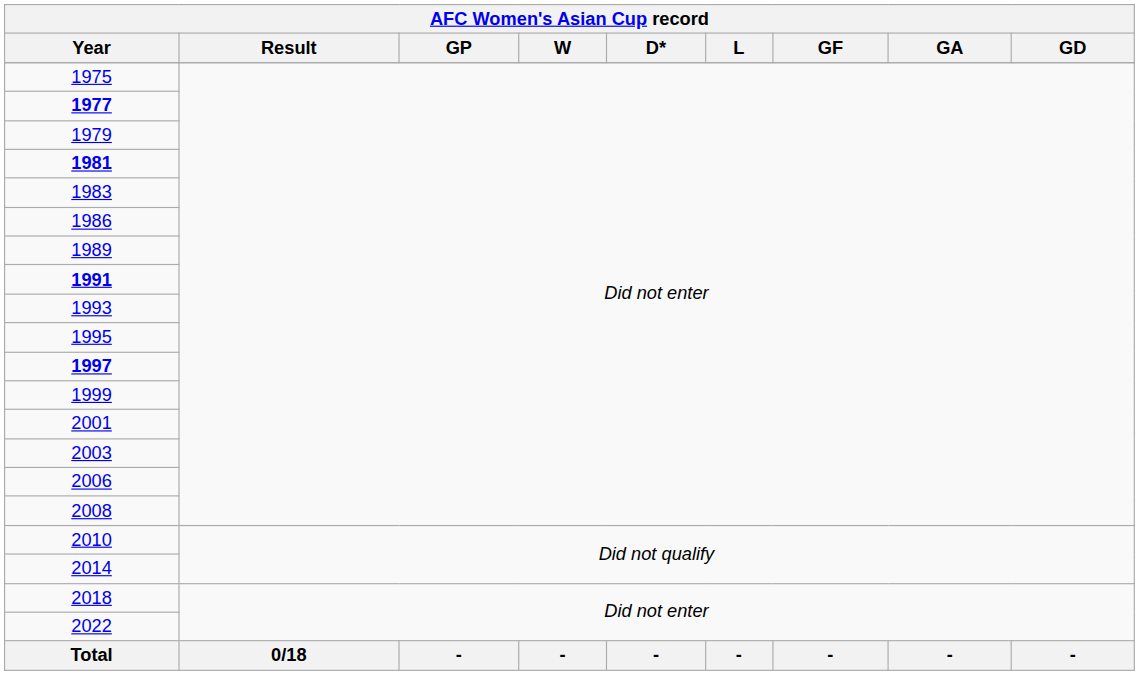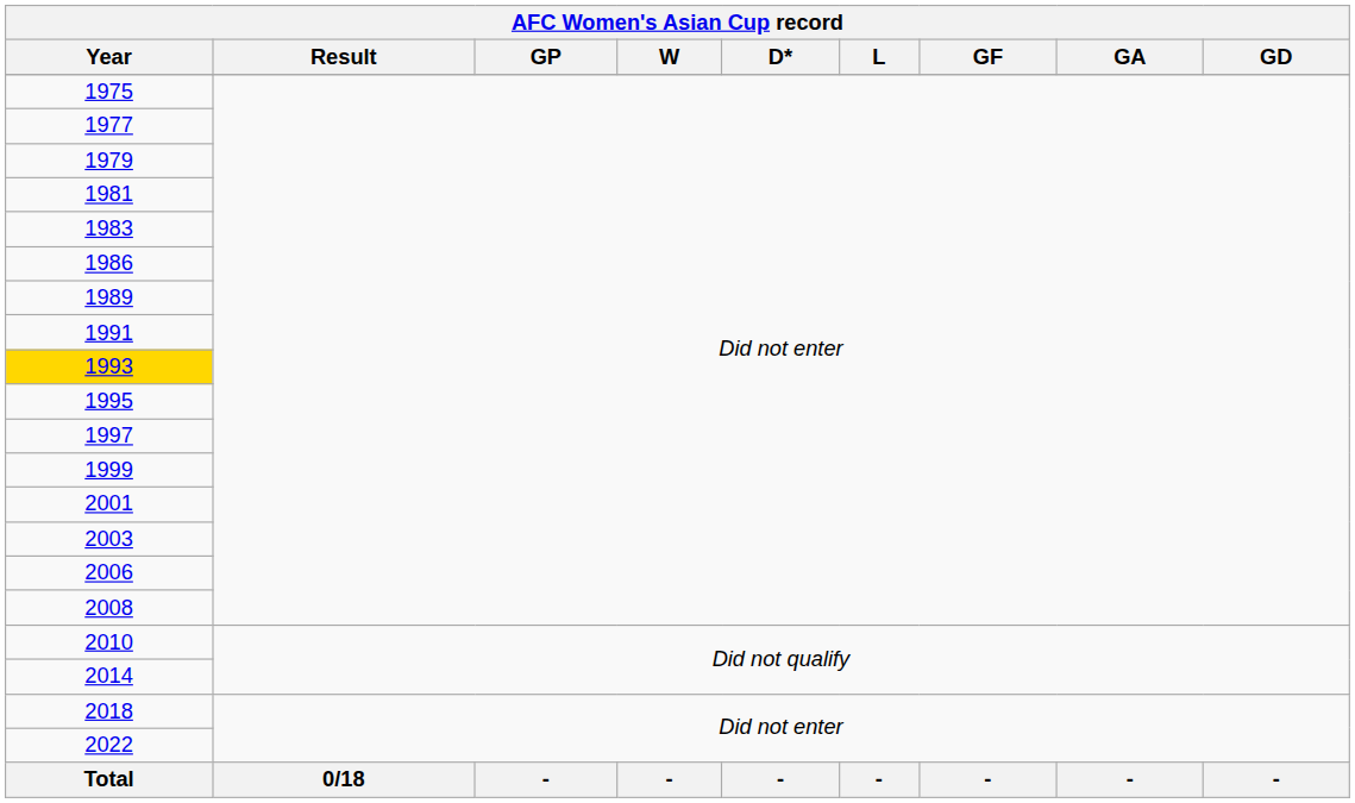 <table class="wikitable" style="text-align: center; width:50%;">
 <tr>
 <th colspan=10><a href='#'>AFC Women's Asian Cup</a> record</th>
 </tr>
 <tr>
 <th>Year</th>
 <th>Result</th>
 <th>GP</th>
 <th>W</th>
 <th>D*</th>
 <th>L</th>
 <th>GF</th>
 <th>GA</th>
 <th>GD</th>
 </tr>
 <tr>
 </tr>
 <tr>
 <td> <a href='#'>1975</a></td>
 <td colspan=8 rowspan=16><em>Did not enter</em></td>
 </tr>
 <tr>
-<td><strong> <a href='#'>1977</a></strong></td>
+<td> <a href='#'>1977</a></td>
 </tr>
 <tr>
 <td> <a href='#'>1979</a></td>
 </tr>
 <tr>
-<td><strong> <a href='#'>1981</a></strong></td>
+<td> <a href='#'>1981</a></td>
 </tr>
 <tr>
 <td> <a href='#'>1983</a></td>
 </tr>
 <tr>
 <td> <a href='#'>1986</a></td>
 </tr>
 <tr>
 <td> <a href='#'>1989</a></td>
 </tr>
 <tr>
-<td><strong> <a href='#'>1991</a></strong></td>
+<td> <a href='#'>1991</a></td>
 </tr>
 <tr>
-<td> <a href='#'>1993</a></td>
+<td style="background: gold;"> <a href='#'>1993</a></td>
 </tr>
 <tr>
 <td> <a href='#'>1995</a></td>
 </tr>
 <tr>
-<td><strong> <a href='#'>1997</a></strong></td>
+<td> <a href='#'>1997</a></td>
 </tr>
 <tr>
 <td> <a href='#'>1999</a></td>
 </tr>
 <tr>
 <td> <a href='#'>2001</a></td>
 </tr>
 <tr>
 <td> <a href='#'>2003</a></td>
 </tr>
 <tr>
 <td> <a href='#'>2006</a></td>
 </tr>
 <tr>
 <td> <a href='#'>2008</a></td>
 </tr>
 <tr>
 <td> <a href='#'>2010</a></td>
 <td colspan=8 rowspan=2><em>Did not qualify</em></td>
 </tr>
 <tr>
 <td> <a href='#'>2014</a></td>
 </tr>
 <tr>
 <td> <a href='#'>2018</a></td>
 <td colspan=8 rowspan=2><em>Did not enter</em></td>
 </tr>
 <tr>
 <td> <a href='#'>2022</a></td>
 </tr>
 <tr>
 <th>Total</th>
 <th>0/18</th>
 <th>-</th>
 <th>-</th>
 <th>-</th>
 <th>-</th>
 <th>-</th>
 <th>-</th>
 <th>-</th>
 </tr>
 </table>
